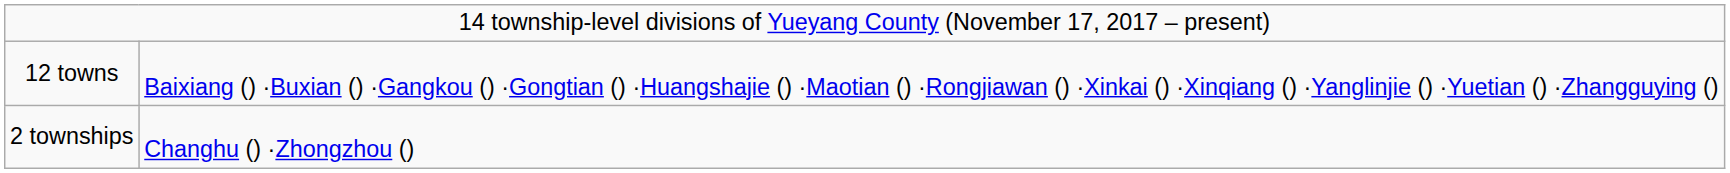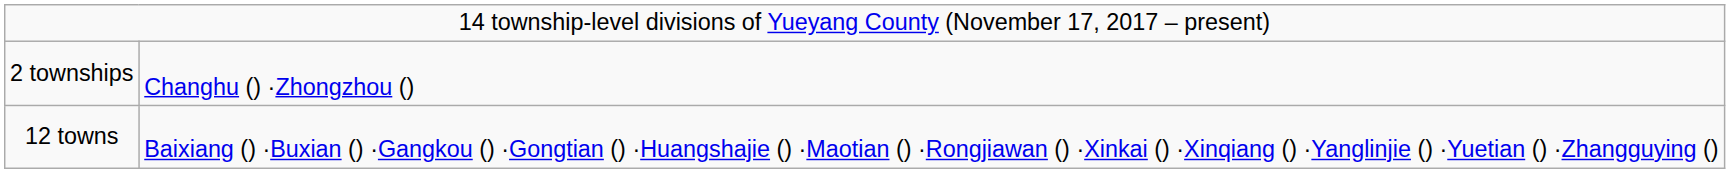 <table class="wikitable">
 <tr>
 <td style="text-align:center;" colspan="2">14 township-level divisions of <a href='#'>Yueyang County</a> (November 17, 2017 – present)</td>
 </tr>
 <tr align=left>
+<td align=center>2 townships</td>
+<td><br><a href='#'>Changhu</a> () ·<a href='#'>Zhongzhou</a> ()</td>
+</tr>
+<tr align=left>
 <td align=center>12 towns</td>
 <td><br><a href='#'>Baixiang</a> () ·<a href='#'>Buxian</a> () ·<a href='#'>Gangkou</a> () ·<a href='#'>Gongtian</a> () ·<a href='#'>Huangshajie</a> () ·<a href='#'>Maotian</a> () ·<a href='#'>Rongjiawan</a> () ·<a href='#'>Xinkai</a> () ·<a href='#'>Xinqiang</a> () ·<a href='#'>Yanglinjie</a> () ·<a href='#'>Yuetian</a> () ·<a href='#'>Zhangguying</a> ()</td>
 </tr>
-<tr align=left>
-<td align=center>2 townships</td>
-<td><br><a href='#'>Changhu</a> () ·<a href='#'>Zhongzhou</a> ()</td>
-</tr>
 </table>
